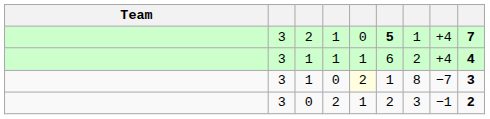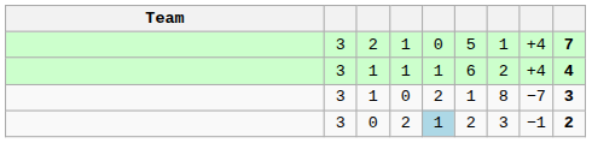 <table class="wikitable" style="text-align:center">
 <tr>
 <th width=250>Team</th>
 <th width="20"></th>
 <th width="20"></th>
 <th width="20"></th>
 <th width="20"></th>
 <th width="20"></th>
 <th width="20"></th>
 <th width="20"></th>
 <th width="20"></th>
 </tr>
 <tr bgcolor=ccffcc>
 <td align="left"></td>
 <td>3</td>
 <td>2</td>
 <td>1</td>
 <td>0</td>
-<td><strong>5</strong></td>
+<td>5</td>
 <td>1</td>
 <td>+4</td>
 <td><strong>7</strong></td>
 </tr>
 <tr bgcolor=ccffcc>
 <td align="left"></td>
 <td>3</td>
 <td>1</td>
 <td>1</td>
 <td>1</td>
 <td>6</td>
 <td>2</td>
 <td>+4</td>
 <td><strong>4</strong></td>
 </tr>
 <tr>
 <td align="left"></td>
 <td>3</td>
 <td>1</td>
 <td>0</td>
-<td style="background: lightyellow;">2</td>
+<td>2</td>
 <td>1</td>
 <td>8</td>
 <td>−7</td>
 <td><strong>3</strong></td>
 </tr>
 <tr>
 <td align="left"></td>
 <td>3</td>
 <td>0</td>
 <td>2</td>
-<td>1</td>
+<td style="background: lightblue;">1</td>
 <td>2</td>
 <td>3</td>
 <td>−1</td>
 <td><strong>2</strong></td>
 </tr>
 </table>
